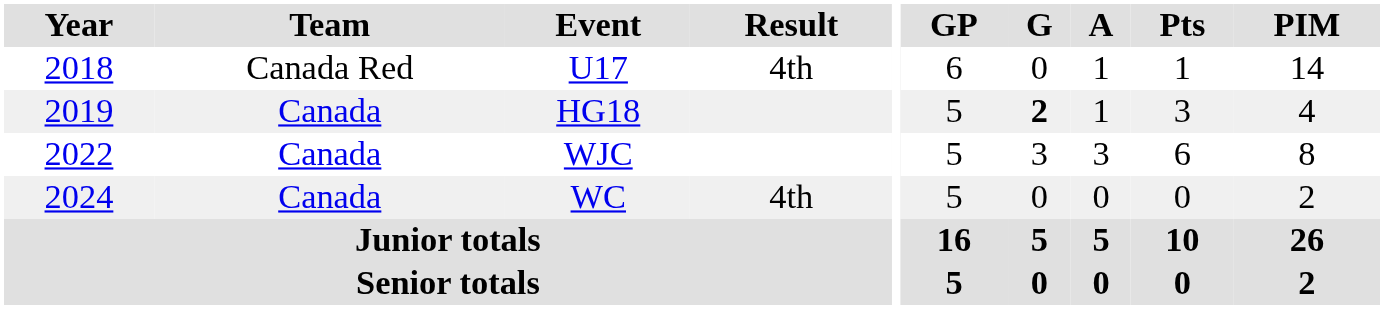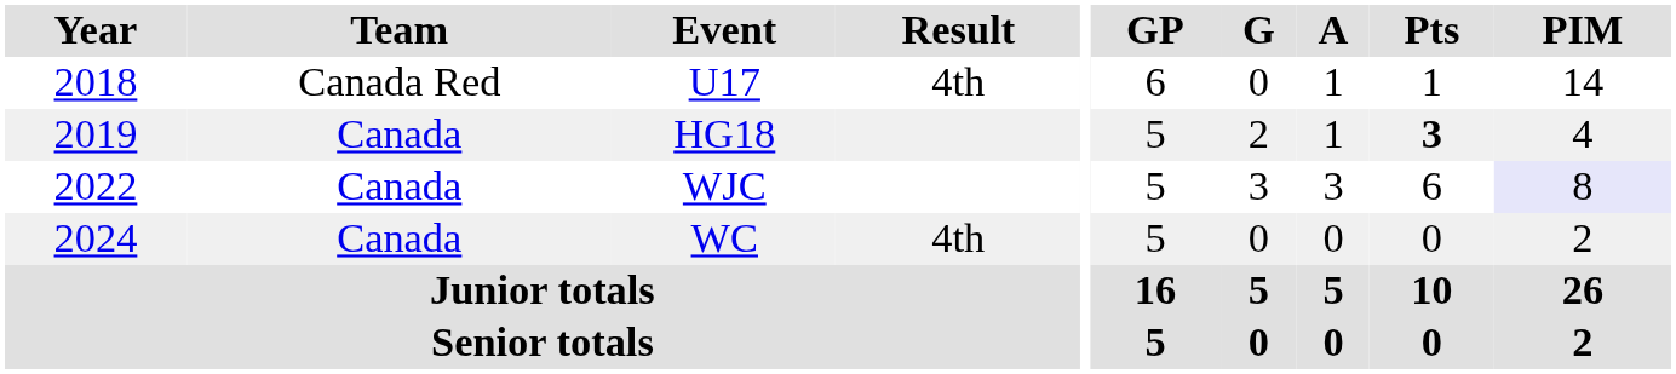 <table border="0" cellpadding="1" cellspacing="0" ID="Table3" style="text-align:center; width:40em">
 <tr bgcolor="#e0e0e0">
 <th>Year</th>
 <th>Team</th>
 <th>Event</th>
 <th>Result</th>
 <th rowspan="99" bgcolor="#ffffff"></th>
 <th>GP</th>
 <th>G</th>
 <th>A</th>
 <th>Pts</th>
 <th>PIM</th>
 </tr>
 <tr>
 <td><a href='#'>2018</a></td>
 <td>Canada Red</td>
 <td><a href='#'>U17</a></td>
 <td>4th</td>
 <td>6</td>
 <td>0</td>
 <td>1</td>
 <td>1</td>
 <td>14</td>
 </tr>
 <tr bgcolor="#f0f0f0">
 <td><a href='#'>2019</a></td>
 <td><a href='#'>Canada</a></td>
 <td><a href='#'>HG18</a></td>
 <td></td>
 <td>5</td>
-<td><strong>2</strong></td>
+<td>2</td>
 <td>1</td>
-<td>3</td>
+<td><strong>3</strong></td>
 <td>4</td>
 </tr>
 <tr>
 <td><a href='#'>2022</a></td>
 <td><a href='#'>Canada</a></td>
 <td><a href='#'>WJC</a></td>
 <td></td>
 <td>5</td>
 <td>3</td>
 <td>3</td>
 <td>6</td>
-<td>8</td>
+<td style="background: lavender;">8</td>
 </tr>
 <tr bgcolor="#f0f0f0">
 <td><a href='#'>2024</a></td>
 <td><a href='#'>Canada</a></td>
 <td><a href='#'>WC</a></td>
 <td>4th</td>
 <td>5</td>
 <td>0</td>
 <td>0</td>
 <td>0</td>
 <td>2</td>
 </tr>
 <tr bgcolor="#e0e0e0">
 <th colspan="4">Junior totals</th>
 <th>16</th>
 <th>5</th>
 <th>5</th>
 <th>10</th>
 <th>26</th>
 </tr>
 <tr bgcolor="#e0e0e0">
 <th colspan="4">Senior totals</th>
 <th>5</th>
 <th>0</th>
 <th>0</th>
 <th>0</th>
 <th>2</th>
 </tr>
 </table>
